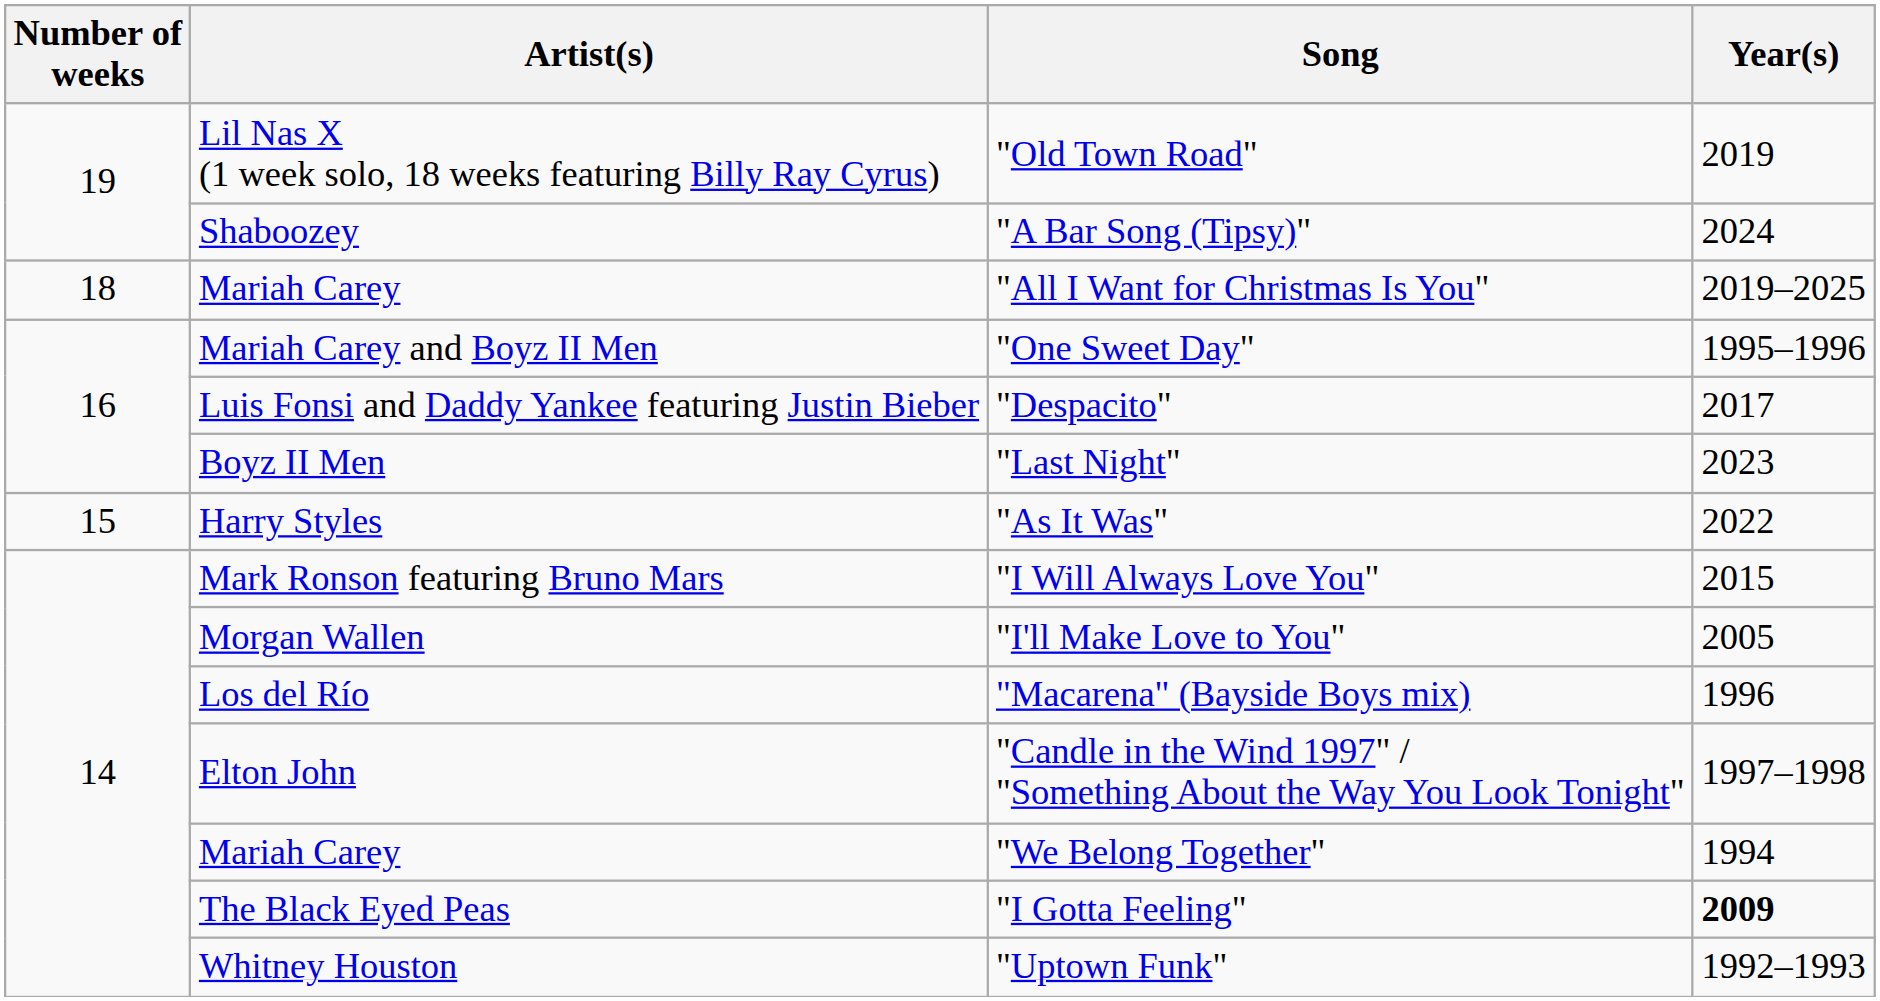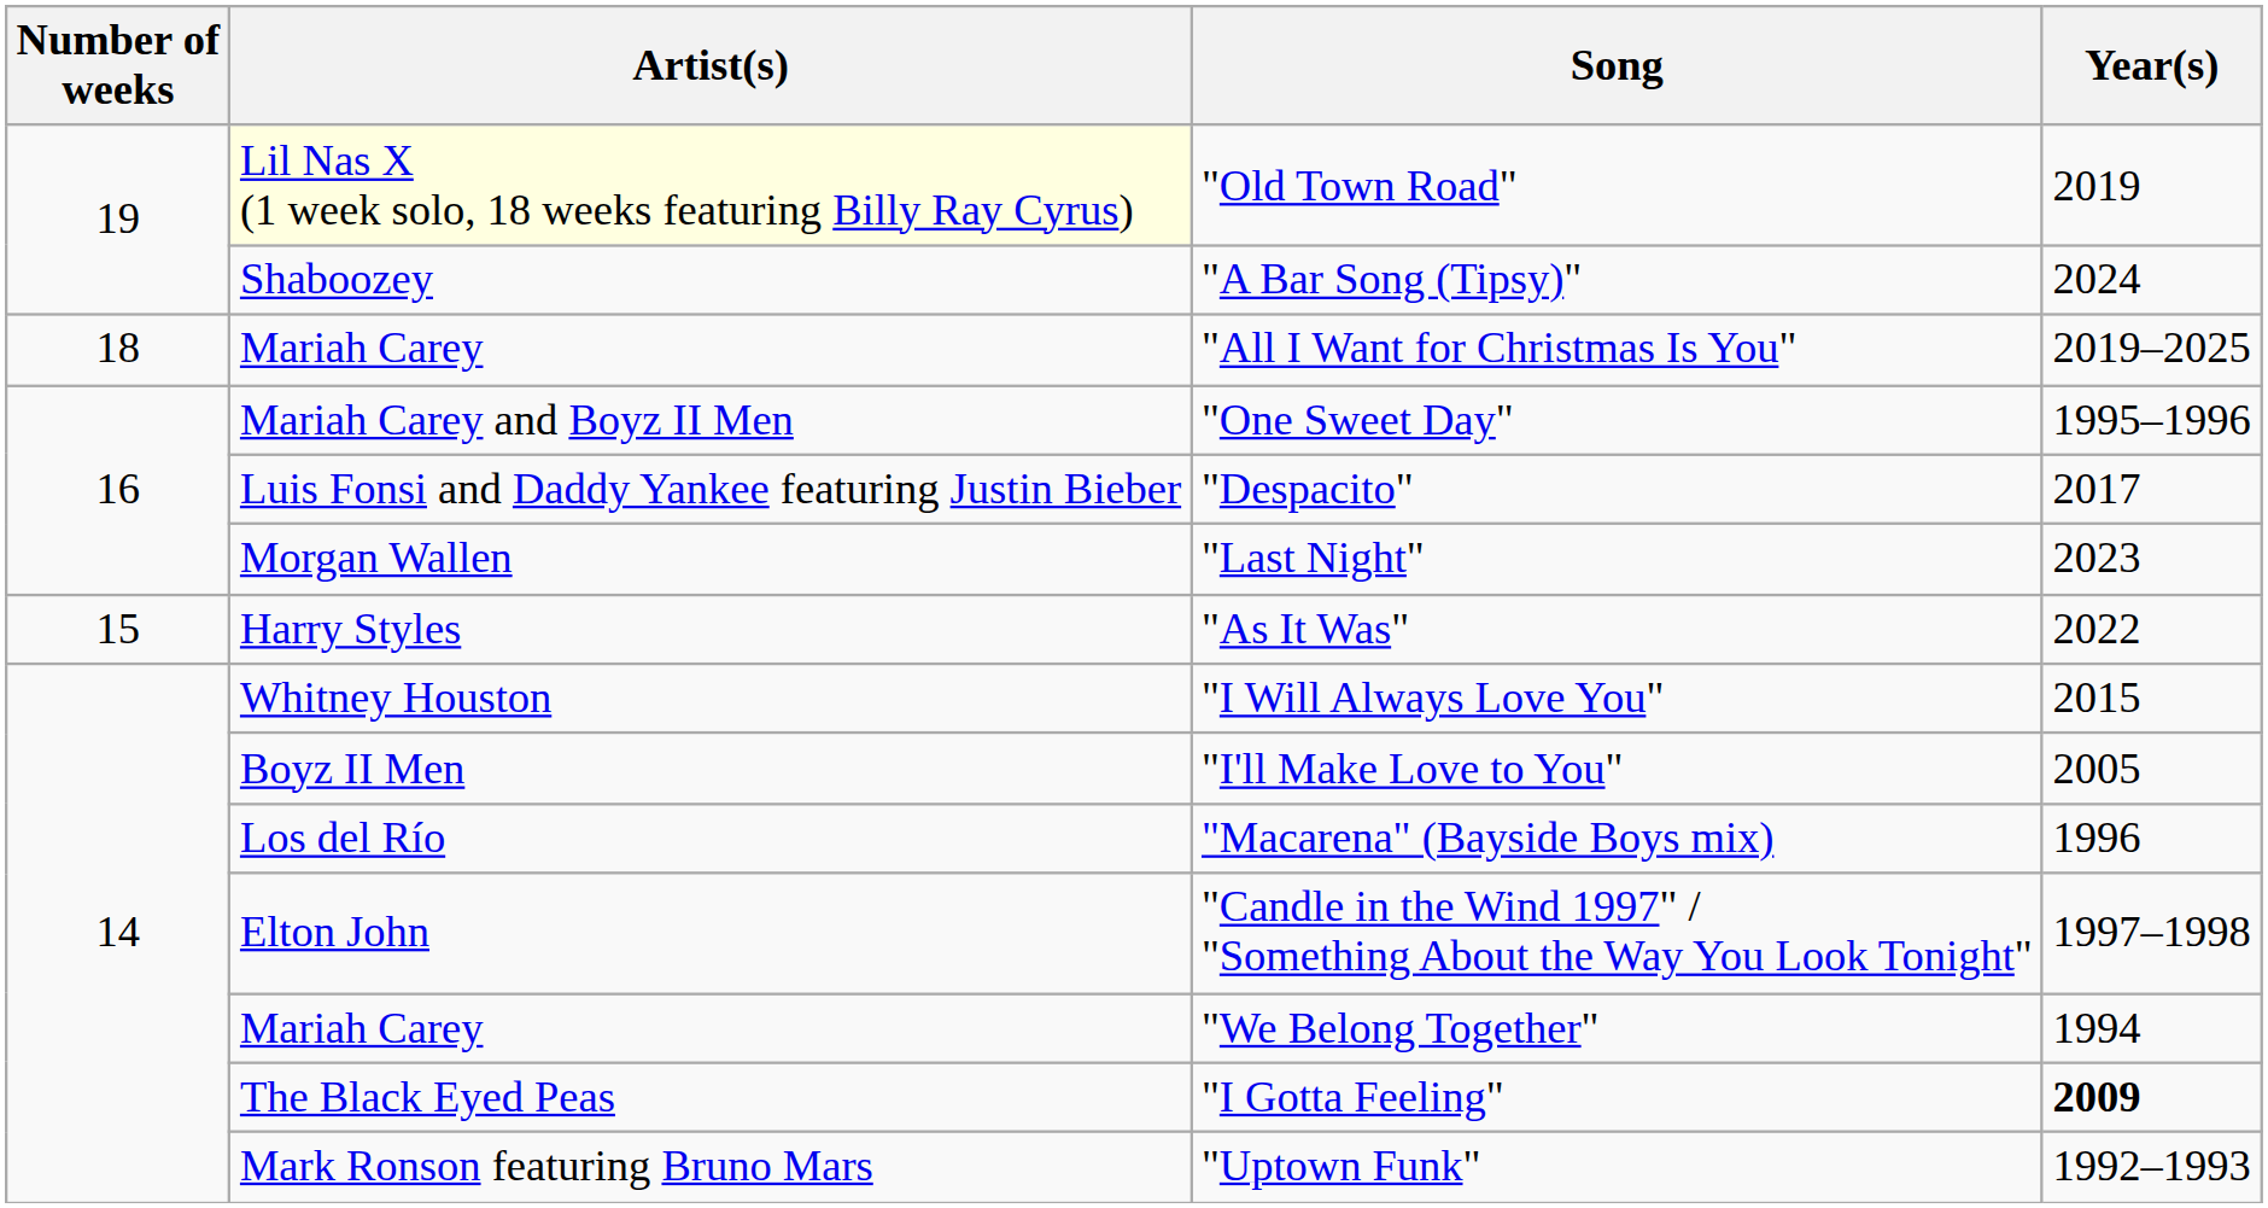 <table class="wikitable">
 <tr>
 <th>Number of <br> weeks</th>
 <th>Artist(s)</th>
 <th>Song</th>
 <th>Year(s)</th>
 </tr>
 <tr>
 <td rowspan=2 style="text-align:center;">19</td>
-<td><a href='#'>Lil Nas X</a><br>(1 week solo, 18 weeks featuring <a href='#'>Billy Ray Cyrus</a>)</td>
+<td style="background: lightyellow;"><a href='#'>Lil Nas X</a><br>(1 week solo, 18 weeks featuring <a href='#'>Billy Ray Cyrus</a>)</td>
 <td>"<a href='#'>Old Town Road</a>"</td>
 <td>2019</td>
 </tr>
 <tr>
 <td><a href='#'>Shaboozey</a></td>
 <td>"<a href='#'>A Bar Song (Tipsy)</a>"</td>
 <td>2024</td>
 </tr>
 <tr>
 <td rowspan=1 style="text-align:center;">18</td>
 <td><a href='#'>Mariah Carey</a></td>
 <td>"<a href='#'>All I Want for Christmas Is You</a>"</td>
 <td>2019–2025</td>
 </tr>
 <tr>
 <td rowspan="3" style="text-align:center;">16</td>
 <td><a href='#'>Mariah Carey</a> and <a href='#'>Boyz II Men</a></td>
 <td>"<a href='#'>One Sweet Day</a>"</td>
 <td>1995–1996</td>
 </tr>
 <tr>
 <td><a href='#'>Luis Fonsi</a> and <a href='#'>Daddy Yankee</a> featuring <a href='#'>Justin Bieber</a></td>
 <td>"<a href='#'>Despacito</a>"</td>
 <td>2017</td>
 </tr>
 <tr>
-<td><a href='#'>Boyz II Men</a></td>
+<td><a href='#'>Morgan Wallen</a></td>
 <td>"<a href='#'>Last Night</a>"</td>
 <td>2023</td>
 </tr>
 <tr>
 <td rowspan=1 style="text-align:center;">15</td>
 <td><a href='#'>Harry Styles</a></td>
 <td>"<a href='#'>As It Was</a>"</td>
 <td>2022</td>
 </tr>
 <tr>
 <td rowspan=7 style="text-align:center;">14</td>
-<td><a href='#'>Mark Ronson</a> featuring <a href='#'>Bruno Mars</a></td>
+<td><a href='#'>Whitney Houston</a></td>
 <td>"<a href='#'>I Will Always Love You</a>"</td>
 <td>2015<br></td>
 </tr>
 <tr>
-<td><a href='#'>Morgan Wallen</a></td>
+<td><a href='#'>Boyz II Men</a></td>
 <td>"<a href='#'>I'll Make Love to You</a>"</td>
 <td>2005</td>
 </tr>
 <tr>
 <td><a href='#'>Los del Río</a></td>
 <td><a href='#'>"Macarena" (Bayside Boys mix)</a></td>
 <td>1996</td>
 </tr>
 <tr>
 <td><a href='#'>Elton John</a></td>
 <td>"<a href='#'>Candle in the Wind 1997</a>" / <br> "<a href='#'>Something About the Way You Look Tonight</a>"</td>
 <td>1997–1998</td>
 </tr>
 <tr>
 <td><a href='#'>Mariah Carey</a></td>
 <td>"<a href='#'>We Belong Together</a>"</td>
 <td>1994</td>
 </tr>
 <tr>
 <td><a href='#'>The Black Eyed Peas</a></td>
 <td>"<a href='#'>I Gotta Feeling</a>"</td>
 <td><strong>2009</strong></td>
 </tr>
 <tr>
-<td><a href='#'>Whitney Houston</a></td>
+<td><a href='#'>Mark Ronson</a> featuring <a href='#'>Bruno Mars</a></td>
 <td>"<a href='#'>Uptown Funk</a>"</td>
 <td>1992–1993</td>
 </tr>
 </table>
